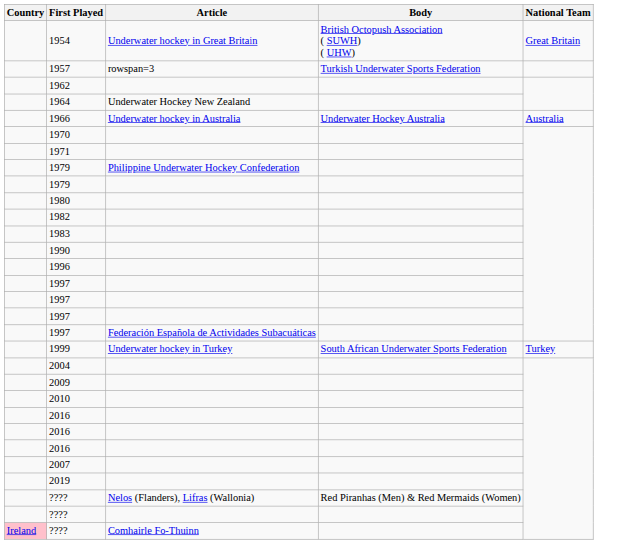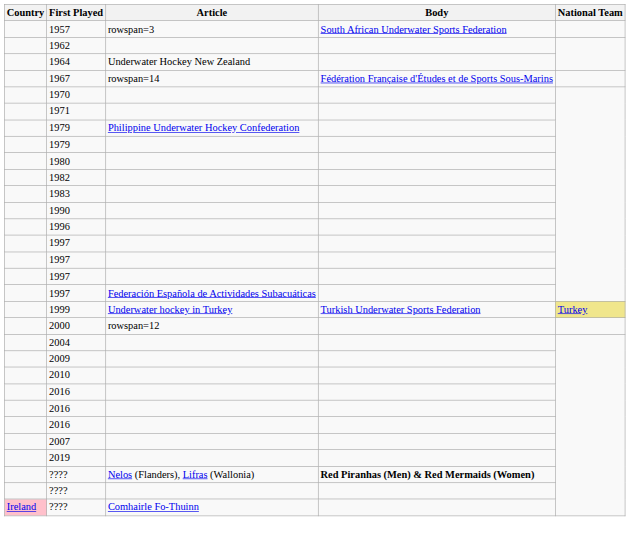 <table class="wikitable sortable">
 <tr>
 <th>Country</th>
 <th>First Played</th>
 <th>Article</th>
 <th>Body</th>
 <th>National Team</th>
 </tr>
 <tr>
 <td></td>
-<td>1954</td>
-<td><a href='#'>Underwater hockey in Great Britain</a></td>
-<td><a href='#'>British Octopush Association</a><br>( <a href='#'>SUWH</a>)<br>( <a href='#'>UHW</a>)</td>
-<td><a href='#'>Great Britain</a></td>
-</tr>
-<tr>
-<td></td>
 <td>1957</td>
 <td>rowspan=3 </td>
-<td><a href='#'>Turkish Underwater Sports Federation</a></td>
+<td><a href='#'>South African Underwater Sports Federation</a></td>
 <td></td>
 </tr>
 <tr>
 <td></td>
 <td>1962</td>
 <td></td>
 <td></td>
 </tr>
 <tr>
 <td></td>
 <td>1964</td>
 <td>Underwater Hockey New Zealand</td>
 <td></td>
 </tr>
 <tr>
 <td></td>
-<td>1966</td>
-<td><a href='#'>Underwater hockey in Australia</a></td>
-<td><a href='#'>Underwater Hockey Australia</a></td>
-<td><a href='#'>Australia</a></td>
+<td>1967</td>
+<td>rowspan=14 </td>
+<td><a href='#'>Fédération Française d'Études et de Sports Sous-Marins</a></td>
+<td></td>
 </tr>
 <tr>
 <td></td>
 <td>1970</td>
 <td></td>
 <td></td>
 </tr>
 <tr>
 <td></td>
 <td>1971</td>
 <td></td>
 <td></td>
 </tr>
 <tr>
 <td></td>
 <td>1979</td>
 <td><a href='#'>Philippine Underwater Hockey Confederation</a></td>
 <td></td>
 </tr>
 <tr>
 <td></td>
 <td>1979</td>
 <td></td>
 <td></td>
 </tr>
 <tr>
 <td></td>
 <td>1980</td>
 <td></td>
 <td></td>
 </tr>
 <tr>
 <td></td>
 <td>1982</td>
 <td></td>
 <td></td>
 </tr>
 <tr>
 <td></td>
 <td>1983</td>
 <td></td>
 <td></td>
 </tr>
 <tr>
 <td></td>
 <td>1990</td>
 <td></td>
 <td></td>
 </tr>
 <tr>
 <td></td>
 <td>1996</td>
 <td></td>
 <td></td>
 </tr>
 <tr>
 <td></td>
 <td>1997</td>
 <td></td>
 <td></td>
 </tr>
 <tr>
 <td></td>
 <td>1997</td>
 <td></td>
 <td></td>
 </tr>
 <tr>
 <td></td>
 <td>1997</td>
 <td></td>
 <td></td>
 </tr>
 <tr>
 <td></td>
 <td>1997</td>
 <td><a href='#'>Federación Española de Actividades Subacuáticas</a></td>
 <td></td>
 </tr>
 <tr>
 <td></td>
 <td>1999</td>
 <td><a href='#'>Underwater hockey in Turkey</a></td>
-<td><a href='#'>South African Underwater Sports Federation</a></td>
-<td><a href='#'>Turkey</a></td>
+<td><a href='#'>Turkish Underwater Sports Federation</a></td>
+<td style="background: khaki;"><a href='#'>Turkey</a></td>
+</tr>
+<tr>
+<td></td>
+<td>2000</td>
+<td>rowspan=12 </td>
+<td></td>
+<td></td>
 </tr>
 <tr>
 <td></td>
 <td>2004</td>
 <td></td>
 <td></td>
 </tr>
 <tr>
 <td></td>
 <td>2009</td>
 <td></td>
 <td></td>
 </tr>
 <tr>
 <td></td>
 <td>2010</td>
 <td></td>
 <td></td>
 </tr>
 <tr>
 <td></td>
 <td>2016</td>
 <td></td>
 <td></td>
 </tr>
 <tr>
 <td></td>
 <td>2016</td>
 <td></td>
 <td></td>
 </tr>
 <tr>
 <td></td>
 <td>2016</td>
 <td></td>
 <td></td>
 </tr>
 <tr>
 <td></td>
 <td>2007</td>
 <td></td>
 <td></td>
 </tr>
 <tr>
 <td></td>
 <td>2019</td>
 <td></td>
 <td></td>
 </tr>
 <tr>
 <td></td>
 <td>????</td>
 <td><a href='#'>Nelos</a> (Flanders), <a href='#'>Lifras</a> (Wallonia)</td>
-<td>Red Piranhas (Men) & Red Mermaids (Women)</td>
+<td><strong>Red Piranhas (Men) & Red Mermaids (Women)</strong></td>
 </tr>
 <tr>
 <td></td>
 <td>????</td>
 <td></td>
 <td></td>
 </tr>
 <tr>
 <td style="background: pink;"> <a href='#'>Ireland</a></td>
 <td>????</td>
 <td><a href='#'>Comhairle Fo-Thuinn</a></td>
 <td></td>
 </tr>
 </table>
